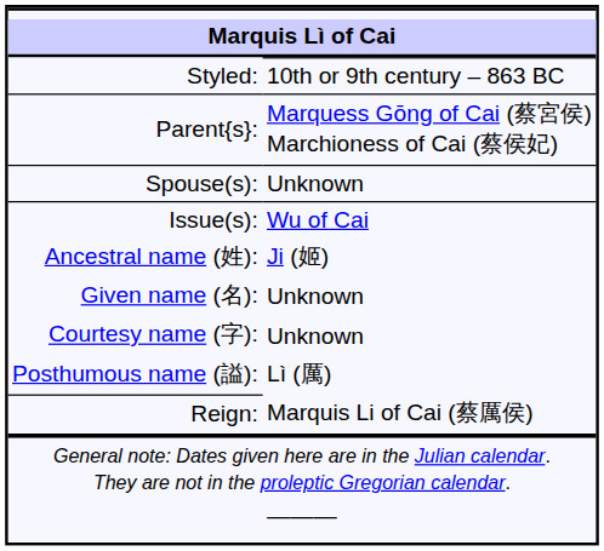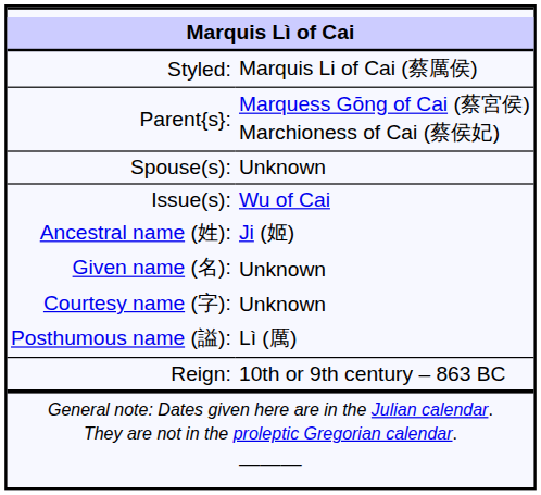 <table cellpadding=3px cellspacing=0px bgcolor=#f7f8ff style="float:right; border:2px solid; margin:5px">
 <tr>
 <td colspan=2 align=center style="border-top:2px solid"></td>
 </tr>
 <tr>
 <th align=center style="background:#ccf; border-bottom:2px solid" colspan=2>Marquis Lì of Cai</th>
 </tr>
 <tr>
 <td align="right">Styled:</td>
-<td style="border-top:1px solid">10th or 9th century – 863 BC</td>
+<td>Marquis Li of Cai (蔡厲侯)</td>
 </tr>
 <tr>
 <td align=right style="border-top:1px solid">Parent{s}:</td>
 <td style="border-top:1px solid"><a href='#'>Marquess Gōng of Cai</a> (蔡宮侯) <br>Marchioness of Cai (蔡侯妃)</td>
 </tr>
 <tr>
 <td align=right style="border-top:1px solid">Spouse(s):</td>
 <td style="border-top:1px solid">Unknown</td>
 </tr>
 <tr>
 <td align=right style="border-top:1px solid">Issue(s):</td>
 <td style="border-top:1px solid"><a href='#'>Wu of Cai</a></td>
 </tr>
 <tr>
 <td align="right"><a href='#'>Ancestral name</a> (姓):</td>
 <td><a href='#'>Ji</a> (姬)</td>
 </tr>
 <tr>
 <td align="right"><a href='#'>Given name</a> (名):</td>
 <td>Unknown</td>
 </tr>
 <tr>
 <td align="right"><a href='#'>Courtesy name</a> (字):</td>
 <td>Unknown</td>
 </tr>
 <tr>
 <td align="right" nowrap="nowrap"><a href='#'>Posthumous name</a> (謚):</td>
 <td>Lì (厲)</td>
 </tr>
 <tr>
 <td align=right style="border-top:1px solid">Reign:</td>
-<td>Marquis Li of Cai (蔡厲侯)</td>
+<td style="border-top:1px solid">10th or 9th century – 863 BC</td>
 </tr>
 <tr>
 <td colspan=2 align=center style="border-top:3px solid"><small><em>General note: Dates given here are in the <a href='#'>Julian calendar</a></em>.<br><em>They are not in the <a href='#'>proleptic Gregorian calendar</a></em>.</small></td>
 </tr>
 <tr>
 <td colspan=2 align=center>———</td>
 </tr>
 <tr>
 <td></td>
 </tr>
 <tr>
 </tr>
 </table>
